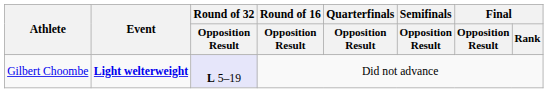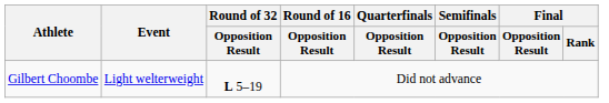 <table class="wikitable" style="font-size:90%">
 <tr>
 <th rowspan="2">Athlete</th>
 <th rowspan="2">Event</th>
 <th>Round of 32</th>
 <th>Round of 16</th>
 <th>Quarterfinals</th>
 <th>Semifinals</th>
 <th colspan=2>Final</th>
 </tr>
 <tr style="font-size:95%">
 <th>Opposition<br>Result</th>
 <th>Opposition<br>Result</th>
 <th>Opposition<br>Result</th>
 <th>Opposition<br>Result</th>
 <th>Opposition<br>Result</th>
 <th>Rank</th>
 </tr>
 <tr align=center>
 <td align=left><a href='#'>Gilbert Choombe</a></td>
-<td align=left><strong><a href='#'>Light welterweight</a></strong></td>
-<td style="background: lavender;"><br><strong>L</strong> 5–19</td>
+<td align=left><a href='#'>Light welterweight</a></td>
+<td><br><strong>L</strong> 5–19</td>
 <td colspan=5>Did not advance</td>
 </tr>
 </table>
